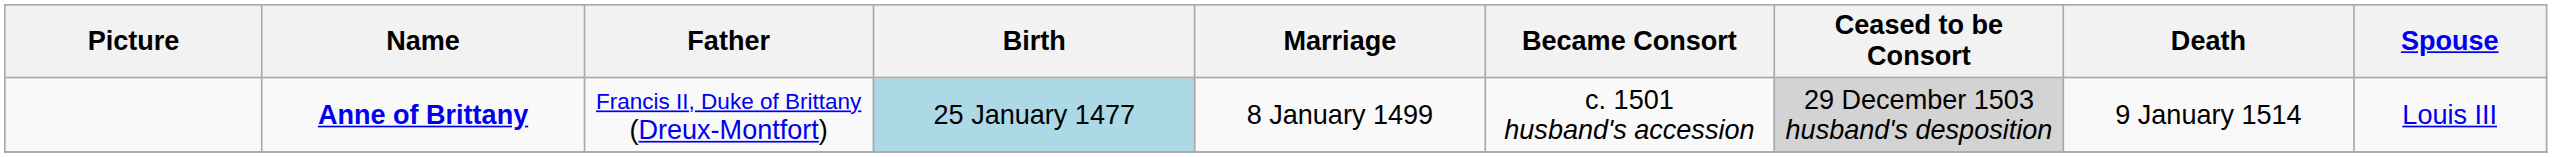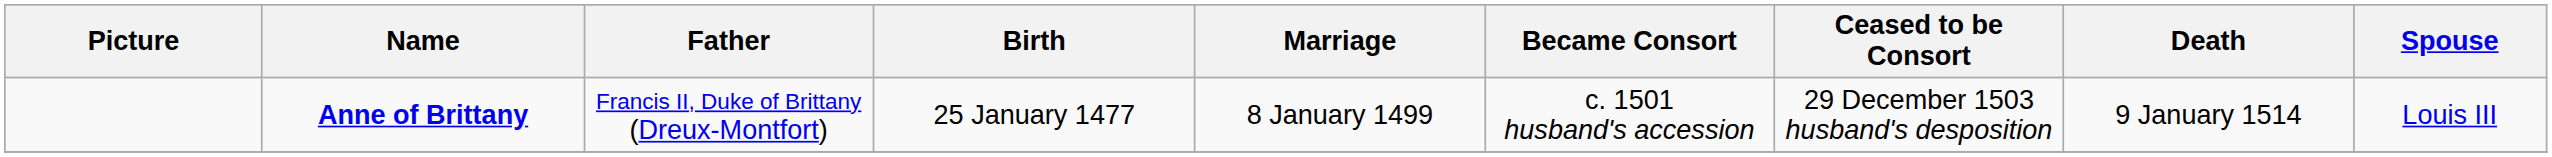 <table width=95% class="wikitable">
 <tr>
 <th width = "8%">Picture</th>
 <th width = "10%">Name</th>
 <th width = "9%">Father</th>
 <th width = "10%">Birth</th>
 <th width = "9%">Marriage</th>
 <th width = "9%">Became Consort</th>
 <th width = "9%">Ceased to be Consort</th>
 <th width = "9%">Death</th>
 <th width = "6%"><a href='#'>Spouse</a></th>
 </tr>
 <tr>
 <td align="center"></td>
 <td align="center"><strong><a href='#'>Anne of Brittany</a></strong></td>
 <td align="center"><small><a href='#'>Francis II, Duke of Brittany</a></small> <br> (<a href='#'>Dreux-Montfort</a>)</td>
-<td align=center style="background: lightblue;">25 January 1477</td>
+<td align=center>25 January 1477</td>
 <td align="center">8 January 1499</td>
 <td align="center">c. 1501<br><em>husband's accession</em></td>
-<td align="center" style="background: lightgrey;">29 December 1503 <br><em>husband's desposition</em></td>
+<td align="center">29 December 1503 <br><em>husband's desposition</em></td>
 <td align="center">9 January 1514</td>
 <td align="center"><a href='#'>Louis III</a></td>
 </tr>
 <tr>
 </tr>
 </table>
